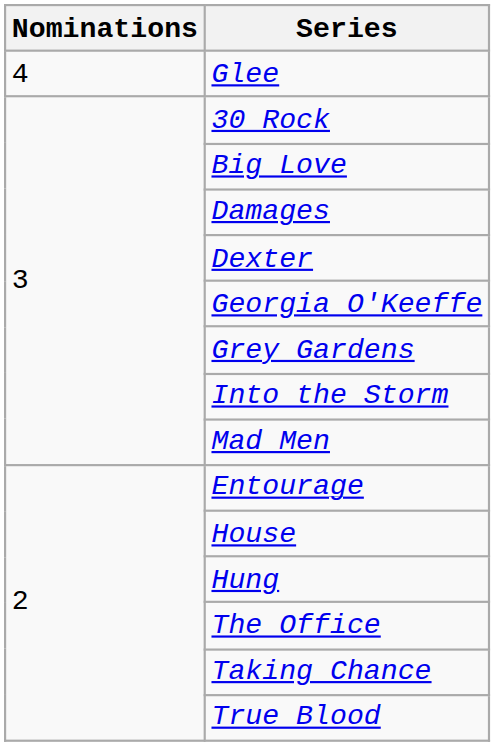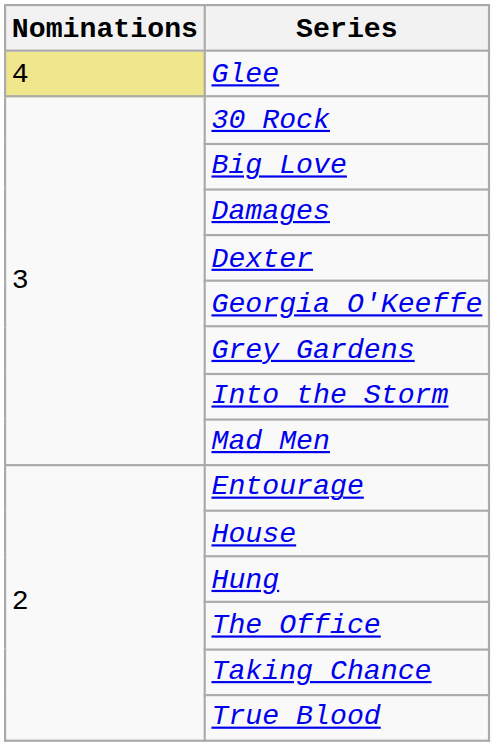 <table class="wikitable">
 <tr>
 <th>Nominations</th>
 <th>Series</th>
 </tr>
 <tr>
-<td>4</td>
+<td style="background: khaki;">4</td>
 <td><em><a href='#'>Glee</a></em></td>
 </tr>
 <tr>
 <td rowspan="8">3</td>
 <td><em><a href='#'>30 Rock</a></em></td>
 </tr>
 <tr>
 <td><em><a href='#'>Big Love</a></em></td>
 </tr>
 <tr>
 <td><em><a href='#'>Damages</a></em></td>
 </tr>
 <tr>
 <td><em><a href='#'>Dexter</a></em></td>
 </tr>
 <tr>
 <td><em><a href='#'>Georgia O'Keeffe</a></em></td>
 </tr>
 <tr>
 <td><em><a href='#'>Grey Gardens</a></em></td>
 </tr>
 <tr>
 <td><em><a href='#'>Into the Storm</a></em></td>
 </tr>
 <tr>
 <td><em><a href='#'>Mad Men</a></em></td>
 </tr>
 <tr>
 <td rowspan="6">2</td>
 <td><em><a href='#'>Entourage</a></em></td>
 </tr>
 <tr>
 <td><em><a href='#'>House</a></em></td>
 </tr>
 <tr>
 <td><em><a href='#'>Hung</a></em></td>
 </tr>
 <tr>
 <td><em><a href='#'>The Office</a></em></td>
 </tr>
 <tr>
 <td><em><a href='#'>Taking Chance</a></em></td>
 </tr>
 <tr>
 <td><em><a href='#'>True Blood</a></em></td>
 </tr>
 </table>
